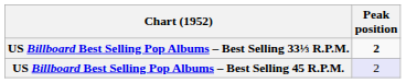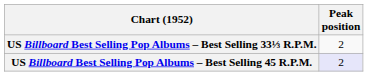 <table class="wikitable plainrowheaders" style="text-align:center">
 <tr>
 <th scope="col">Chart (1952)</th>
 <th scope="col">Peak<br>position</th>
 </tr>
 <tr>
 <th scope="row" align="left">US <a href='#'><em>Billboard</em> Best Selling Pop Albums</a> – Best Selling 33⅓ R.P.M.</th>
-<td><strong>2</strong></td>
+<td>2</td>
 </tr>
 <tr>
 <th scope="row" align="left">US <a href='#'><em>Billboard</em> Best Selling Pop Albums</a> – Best Selling 45 R.P.M.</th>
 <td style="background: lavender;">2</td>
 </tr>
 </table>
